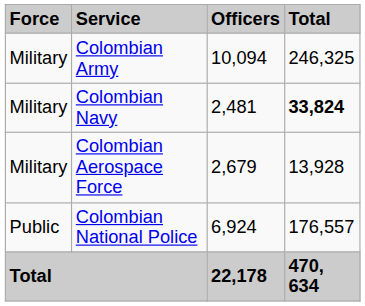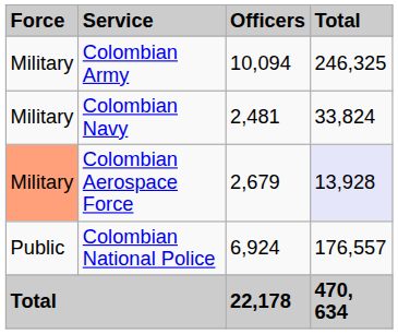 <table class="wikitable collapsible" style="width:50%; margin:1em auto;">
 <tr style="background-color:#CCCCCC;  align:wrap">
 <td><strong>Force</strong></td>
 <td><strong>Service</strong></td>
 <td><strong>Officers</strong></td>
 <td><strong>Total</strong></td>
 </tr>
 <tr>
 <td>Military</td>
 <td> <a href='#'>Colombian Army</a></td>
 <td>10,094</td>
 <td>246,325</td>
 </tr>
 <tr>
 <td>Military</td>
 <td> <a href='#'>Colombian Navy</a></td>
 <td>2,481</td>
-<td><strong>33,824</strong></td>
+<td>33,824</td>
 </tr>
 <tr>
-<td>Military</td>
+<td style="background: lightsalmon;">Military</td>
 <td> <a href='#'>Colombian Aerospace Force</a></td>
 <td>2,679</td>
-<td>13,928</td>
+<td style="background: lavender;">13,928</td>
 </tr>
 <tr>
 <td>Public</td>
 <td> <a href='#'>Colombian National Police</a></td>
 <td>6,924</td>
 <td>176,557</td>
 </tr>
 <tr style="background-color:#CCCCCC; font-weight:bold; align=:left">
 <td colspan="2">Total</td>
 <td>22,178</td>
 <td>470, 634</td>
 </tr>
 </table>
